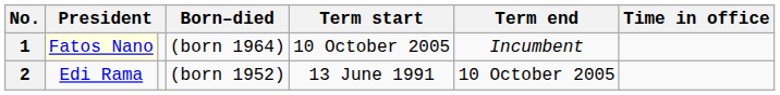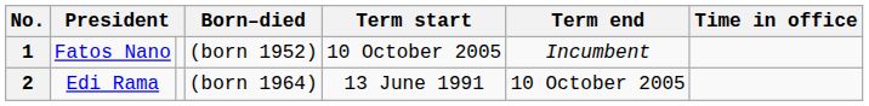 <table class="wikitable" style="text-align:center">
 <tr ->
 <th>No.</th>
 <th colspan="2">President</th>
 <th>Born–died</th>
 <th>Term start</th>
 <th>Term end</th>
 <th>Time in office</th>
 </tr>
 <tr ->
 <th style="background:">1</th>
-<td style="background: lightyellow;"><a href='#'>Fatos Nano</a></td>
+<td><a href='#'>Fatos Nano</a></td>
 <td></td>
-<td>(born 1964)</td>
+<td>(born 1952)</td>
 <td>10 October 2005</td>
 <td><em>Incumbent</em></td>
 <td></td>
 </tr>
 <tr ->
 <th style="background:">2</th>
 <td><a href='#'>Edi Rama</a></td>
 <td></td>
-<td>(born 1952)</td>
+<td>(born 1964)</td>
 <td>13 June 1991</td>
 <td>10 October 2005</td>
 <td></td>
 </tr>
 </table>
